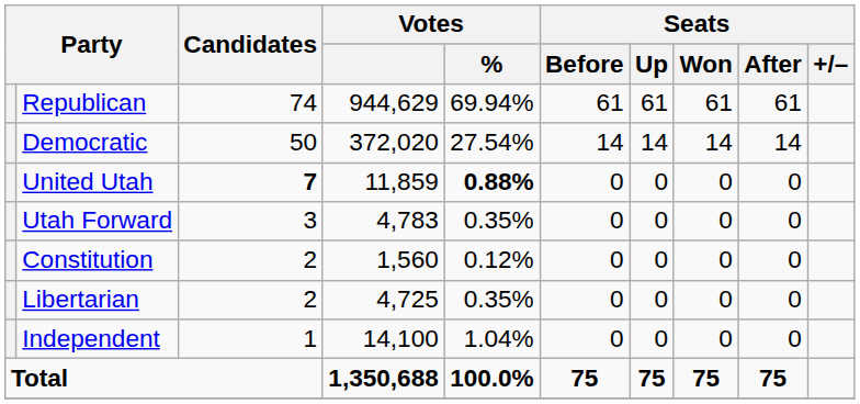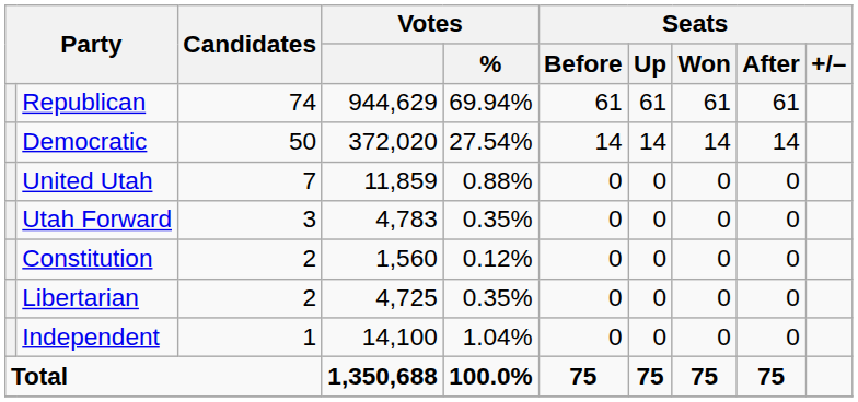 <table class="wikitable">
 <tr>
 <th rowspan="2" colspan="2">Party</th>
 <th rowspan="2">Candidates</th>
 <th colspan="2">Votes</th>
 <th colspan="5">Seats</th>
 </tr>
 <tr>
 <th></th>
 <th>%</th>
 <th>Before</th>
 <th>Up</th>
 <th>Won</th>
 <th>After</th>
 <th>+/–</th>
 </tr>
 <tr>
 <th style="background-color:"></th>
 <td><a href='#'>Republican</a></td>
 <td align="right">74</td>
 <td align="right">944,629</td>
 <td align="right">69.94%</td>
 <td align="right">61</td>
 <td align="right">61</td>
 <td align="right">61</td>
 <td align="right">61</td>
 <td align="right"></td>
 </tr>
 <tr>
 <th style="background-color:"></th>
 <td><a href='#'>Democratic</a></td>
 <td align="right">50</td>
 <td align="right">372,020</td>
 <td align="right">27.54%</td>
 <td align="right">14</td>
 <td align="right">14</td>
 <td align="right">14</td>
 <td align="right">14</td>
 <td align="right"></td>
 </tr>
 <tr>
 <th style="background-color:"></th>
 <td><a href='#'>United Utah</a></td>
-<td align="right"><strong>7</strong></td>
+<td align="right">7</td>
 <td align="right">11,859</td>
-<td align="right"><strong>0.88%</strong></td>
+<td align="right">0.88%</td>
 <td align="right">0</td>
 <td align="right">0</td>
 <td align="right">0</td>
 <td align="right">0</td>
 <td align="right"></td>
 </tr>
 <tr>
 <th style="background-color:"></th>
 <td><a href='#'>Utah Forward</a></td>
 <td align="right">3</td>
 <td align="right">4,783</td>
 <td align="right">0.35%</td>
 <td align="right">0</td>
 <td align="right">0</td>
 <td align="right">0</td>
 <td align="right">0</td>
 <td align="right"></td>
 </tr>
 <tr>
 <th style="background-color:"></th>
 <td><a href='#'>Constitution</a></td>
 <td align="right">2</td>
 <td align="right">1,560</td>
 <td align="right">0.12%</td>
 <td align="right">0</td>
 <td align="right">0</td>
 <td align="right">0</td>
 <td align="right">0</td>
 <td align="right"></td>
 </tr>
 <tr>
 <th style="background-color:"></th>
 <td><a href='#'>Libertarian</a></td>
 <td align="right">2</td>
 <td align="right">4,725</td>
 <td align="right">0.35%</td>
 <td align="right">0</td>
 <td align="right">0</td>
 <td align="right">0</td>
 <td align="right">0</td>
 <td align="right"></td>
 </tr>
 <tr>
 <th style="background-color:"></th>
 <td><a href='#'>Independent</a></td>
 <td align="right">1</td>
 <td align="right">14,100</td>
 <td align="right">1.04%</td>
 <td align="right">0</td>
 <td align="right">0</td>
 <td align="right">0</td>
 <td align="right">0</td>
 <td align="right"></td>
 </tr>
 <tr>
 <td colspan="3" align="left"><strong>Total</strong></td>
 <td align="right"><strong>1,350,688</strong></td>
 <td align="right"><strong>100.0%</strong></td>
 <td align="center"><strong>75</strong></td>
 <td align="center"><strong>75</strong></td>
 <td align="center"><strong>75</strong></td>
 <td align="center"><strong>75</strong></td>
 <td align="right"></td>
 </tr>
 <tr>
 </tr>
 </table>
